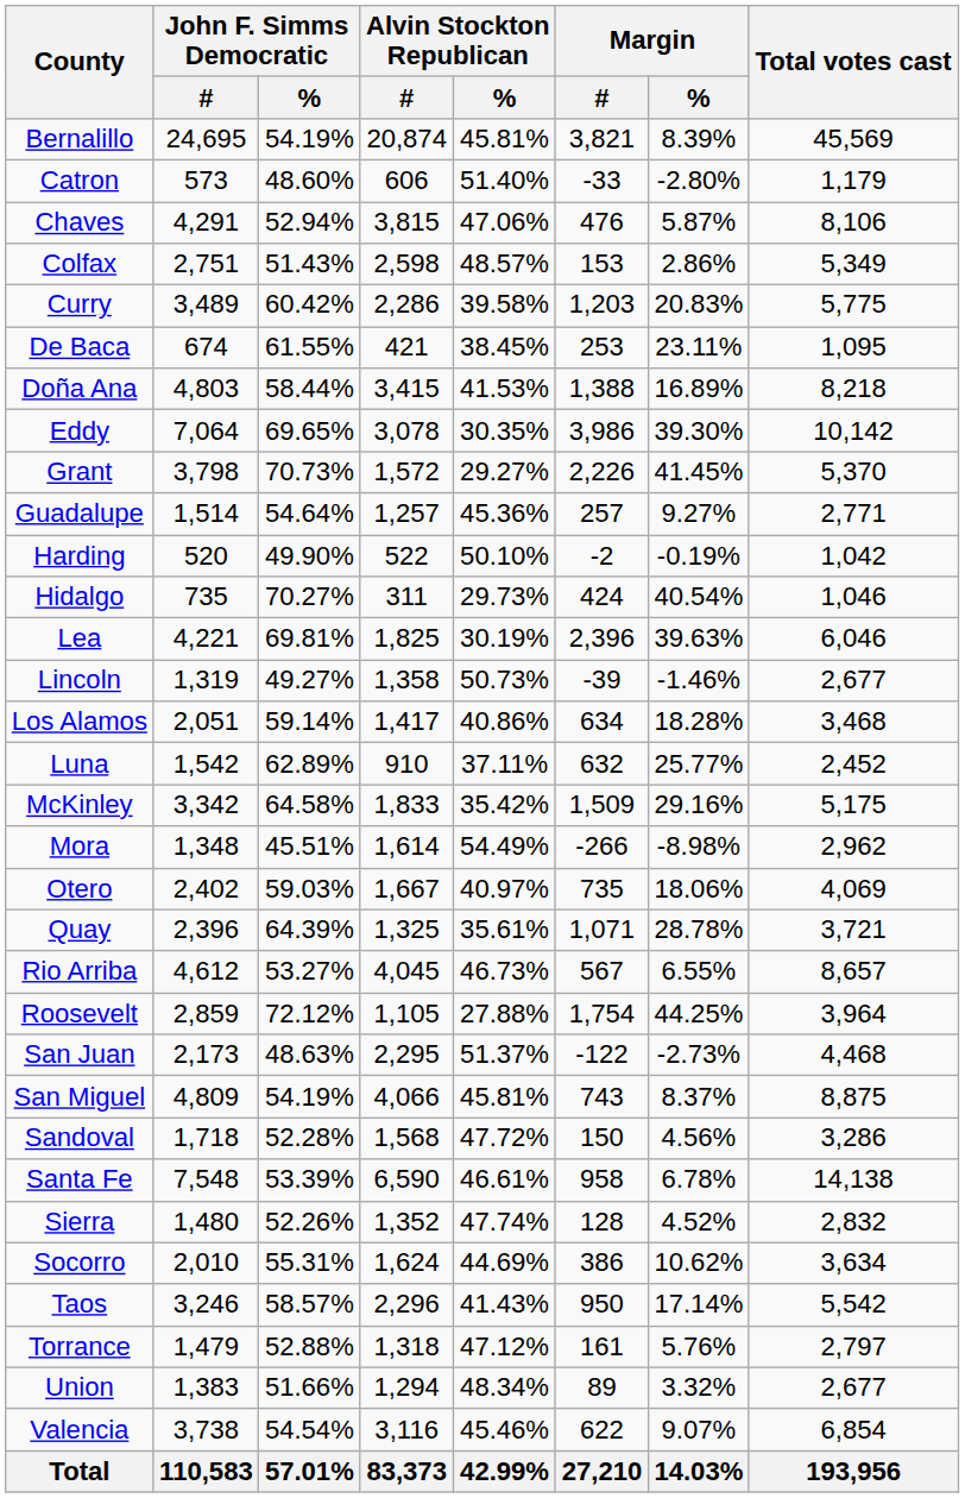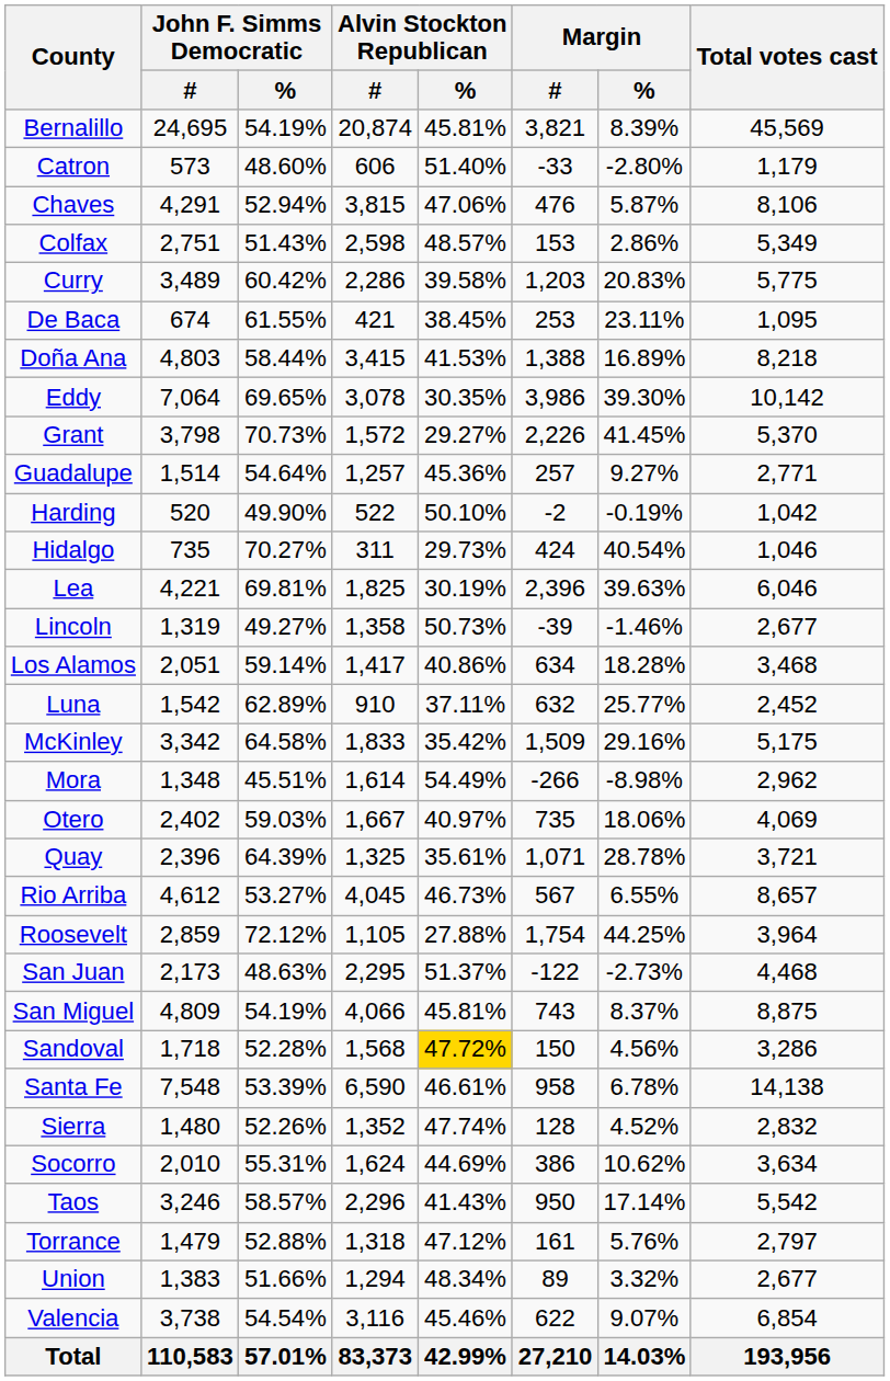 <table class="wikitable sortable" style="text-align:center">
 <tr>
 <th style="text-align:center;" rowspan="2">County</th>
 <th style="text-align:center;" colspan="2">John F. Simms<br>Democratic</th>
 <th style="text-align:center;" colspan="2">Alvin Stockton<br>Republican</th>
 <th style="text-align:center;" colspan="2">Margin</th>
 <th style="text-align:center;" rowspan="2">Total votes cast</th>
 </tr>
 <tr>
 <th style="text-align:center;" data-sort-type="number">#</th>
 <th style="text-align:center;" data-sort-type="number">%</th>
 <th style="text-align:center;" data-sort-type="number">#</th>
 <th style="text-align:center;" data-sort-type="number">%</th>
 <th style="text-align:center;" data-sort-type="number">#</th>
 <th style="text-align:center;" data-sort-type="number">%</th>
 </tr>
 <tr style="text-align:center;">
 <td><a href='#'>Bernalillo</a></td>
 <td>24,695</td>
 <td>54.19%</td>
 <td>20,874</td>
 <td>45.81%</td>
 <td>3,821</td>
 <td>8.39%</td>
 <td>45,569</td>
 </tr>
 <tr style="text-align:center;">
 <td><a href='#'>Catron</a></td>
 <td>573</td>
 <td>48.60%</td>
 <td>606</td>
 <td>51.40%</td>
 <td>-33</td>
 <td>-2.80%</td>
 <td>1,179</td>
 </tr>
 <tr style="text-align:center;">
 <td><a href='#'>Chaves</a></td>
 <td>4,291</td>
 <td>52.94%</td>
 <td>3,815</td>
 <td>47.06%</td>
 <td>476</td>
 <td>5.87%</td>
 <td>8,106</td>
 </tr>
 <tr style="text-align:center;">
 <td><a href='#'>Colfax</a></td>
 <td>2,751</td>
 <td>51.43%</td>
 <td>2,598</td>
 <td>48.57%</td>
 <td>153</td>
 <td>2.86%</td>
 <td>5,349</td>
 </tr>
 <tr style="text-align:center;">
 <td><a href='#'>Curry</a></td>
 <td>3,489</td>
 <td>60.42%</td>
 <td>2,286</td>
 <td>39.58%</td>
 <td>1,203</td>
 <td>20.83%</td>
 <td>5,775</td>
 </tr>
 <tr style="text-align:center;">
 <td><a href='#'>De Baca</a></td>
 <td>674</td>
 <td>61.55%</td>
 <td>421</td>
 <td>38.45%</td>
 <td>253</td>
 <td>23.11%</td>
 <td>1,095</td>
 </tr>
 <tr style="text-align:center;">
 <td><a href='#'>Doña Ana</a></td>
 <td>4,803</td>
 <td>58.44%</td>
 <td>3,415</td>
 <td>41.53%</td>
 <td>1,388</td>
 <td>16.89%</td>
 <td>8,218</td>
 </tr>
 <tr style="text-align:center;">
 <td><a href='#'>Eddy</a></td>
 <td>7,064</td>
 <td>69.65%</td>
 <td>3,078</td>
 <td>30.35%</td>
 <td>3,986</td>
 <td>39.30%</td>
 <td>10,142</td>
 </tr>
 <tr style="text-align:center;">
 <td><a href='#'>Grant</a></td>
 <td>3,798</td>
 <td>70.73%</td>
 <td>1,572</td>
 <td>29.27%</td>
 <td>2,226</td>
 <td>41.45%</td>
 <td>5,370</td>
 </tr>
 <tr style="text-align:center;">
 <td><a href='#'>Guadalupe</a></td>
 <td>1,514</td>
 <td>54.64%</td>
 <td>1,257</td>
 <td>45.36%</td>
 <td>257</td>
 <td>9.27%</td>
 <td>2,771</td>
 </tr>
 <tr style="text-align:center;">
 <td><a href='#'>Harding</a></td>
 <td>520</td>
 <td>49.90%</td>
 <td>522</td>
 <td>50.10%</td>
 <td>-2</td>
 <td>-0.19%</td>
 <td>1,042</td>
 </tr>
 <tr style="text-align:center;">
 <td><a href='#'>Hidalgo</a></td>
 <td>735</td>
 <td>70.27%</td>
 <td>311</td>
 <td>29.73%</td>
 <td>424</td>
 <td>40.54%</td>
 <td>1,046</td>
 </tr>
 <tr style="text-align:center;">
 <td><a href='#'>Lea</a></td>
 <td>4,221</td>
 <td>69.81%</td>
 <td>1,825</td>
 <td>30.19%</td>
 <td>2,396</td>
 <td>39.63%</td>
 <td>6,046</td>
 </tr>
 <tr style="text-align:center;">
 <td><a href='#'>Lincoln</a></td>
 <td>1,319</td>
 <td>49.27%</td>
 <td>1,358</td>
 <td>50.73%</td>
 <td>-39</td>
 <td>-1.46%</td>
 <td>2,677</td>
 </tr>
 <tr style="text-align:center;">
 <td><a href='#'>Los Alamos</a></td>
 <td>2,051</td>
 <td>59.14%</td>
 <td>1,417</td>
 <td>40.86%</td>
 <td>634</td>
 <td>18.28%</td>
 <td>3,468</td>
 </tr>
 <tr style="text-align:center;">
 <td><a href='#'>Luna</a></td>
 <td>1,542</td>
 <td>62.89%</td>
 <td>910</td>
 <td>37.11%</td>
 <td>632</td>
 <td>25.77%</td>
 <td>2,452</td>
 </tr>
 <tr style="text-align:center;">
 <td><a href='#'>McKinley</a></td>
 <td>3,342</td>
 <td>64.58%</td>
 <td>1,833</td>
 <td>35.42%</td>
 <td>1,509</td>
 <td>29.16%</td>
 <td>5,175</td>
 </tr>
 <tr style="text-align:center;">
 <td><a href='#'>Mora</a></td>
 <td>1,348</td>
 <td>45.51%</td>
 <td>1,614</td>
 <td>54.49%</td>
 <td>-266</td>
 <td>-8.98%</td>
 <td>2,962</td>
 </tr>
 <tr style="text-align:center;">
 <td><a href='#'>Otero</a></td>
 <td>2,402</td>
 <td>59.03%</td>
 <td>1,667</td>
 <td>40.97%</td>
 <td>735</td>
 <td>18.06%</td>
 <td>4,069</td>
 </tr>
 <tr style="text-align:center;">
 <td><a href='#'>Quay</a></td>
 <td>2,396</td>
 <td>64.39%</td>
 <td>1,325</td>
 <td>35.61%</td>
 <td>1,071</td>
 <td>28.78%</td>
 <td>3,721</td>
 </tr>
 <tr style="text-align:center;">
 <td><a href='#'>Rio Arriba</a></td>
 <td>4,612</td>
 <td>53.27%</td>
 <td>4,045</td>
 <td>46.73%</td>
 <td>567</td>
 <td>6.55%</td>
 <td>8,657</td>
 </tr>
 <tr style="text-align:center;">
 <td><a href='#'>Roosevelt</a></td>
 <td>2,859</td>
 <td>72.12%</td>
 <td>1,105</td>
 <td>27.88%</td>
 <td>1,754</td>
 <td>44.25%</td>
 <td>3,964</td>
 </tr>
 <tr style="text-align:center;">
 <td><a href='#'>San Juan</a></td>
 <td>2,173</td>
 <td>48.63%</td>
 <td>2,295</td>
 <td>51.37%</td>
 <td>-122</td>
 <td>-2.73%</td>
 <td>4,468</td>
 </tr>
 <tr style="text-align:center;">
 <td><a href='#'>San Miguel</a></td>
 <td>4,809</td>
 <td>54.19%</td>
 <td>4,066</td>
 <td>45.81%</td>
 <td>743</td>
 <td>8.37%</td>
 <td>8,875</td>
 </tr>
 <tr style="text-align:center;">
 <td><a href='#'>Sandoval</a></td>
 <td>1,718</td>
 <td>52.28%</td>
 <td>1,568</td>
-<td>47.72%</td>
+<td style="background: gold;">47.72%</td>
 <td>150</td>
 <td>4.56%</td>
 <td>3,286</td>
 </tr>
 <tr style="text-align:center;">
 <td><a href='#'>Santa Fe</a></td>
 <td>7,548</td>
 <td>53.39%</td>
 <td>6,590</td>
 <td>46.61%</td>
 <td>958</td>
 <td>6.78%</td>
 <td>14,138</td>
 </tr>
 <tr style="text-align:center;">
 <td><a href='#'>Sierra</a></td>
 <td>1,480</td>
 <td>52.26%</td>
 <td>1,352</td>
 <td>47.74%</td>
 <td>128</td>
 <td>4.52%</td>
 <td>2,832</td>
 </tr>
 <tr style="text-align:center;">
 <td><a href='#'>Socorro</a></td>
 <td>2,010</td>
 <td>55.31%</td>
 <td>1,624</td>
 <td>44.69%</td>
 <td>386</td>
 <td>10.62%</td>
 <td>3,634</td>
 </tr>
 <tr style="text-align:center;">
 <td><a href='#'>Taos</a></td>
 <td>3,246</td>
 <td>58.57%</td>
 <td>2,296</td>
 <td>41.43%</td>
 <td>950</td>
 <td>17.14%</td>
 <td>5,542</td>
 </tr>
 <tr style="text-align:center;">
 <td><a href='#'>Torrance</a></td>
 <td>1,479</td>
 <td>52.88%</td>
 <td>1,318</td>
 <td>47.12%</td>
 <td>161</td>
 <td>5.76%</td>
 <td>2,797</td>
 </tr>
 <tr style="text-align:center;">
 <td><a href='#'>Union</a></td>
 <td>1,383</td>
 <td>51.66%</td>
 <td>1,294</td>
 <td>48.34%</td>
 <td>89</td>
 <td>3.32%</td>
 <td>2,677</td>
 </tr>
 <tr style="text-align:center;">
 <td><a href='#'>Valencia</a></td>
 <td>3,738</td>
 <td>54.54%</td>
 <td>3,116</td>
 <td>45.46%</td>
 <td>622</td>
 <td>9.07%</td>
 <td>6,854</td>
 </tr>
 <tr style="text-align:center;">
 <th>Total</th>
 <th>110,583</th>
 <th>57.01%</th>
 <th>83,373</th>
 <th>42.99%</th>
 <th>27,210</th>
 <th>14.03%</th>
 <th>193,956</th>
 </tr>
 </table>
